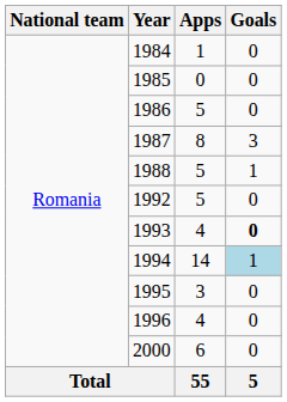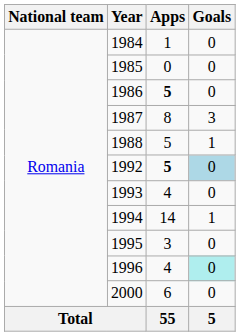 <table class="wikitable" style="text-align:center">
 <tr>
 <th>National team</th>
 <th>Year</th>
 <th>Apps</th>
 <th>Goals</th>
 </tr>
 <tr>
 <td rowspan="11"><a href='#'>Romania</a></td>
 <td>1984</td>
 <td>1</td>
 <td>0</td>
 </tr>
 <tr>
 <td>1985</td>
 <td>0</td>
 <td>0</td>
 </tr>
 <tr>
 <td>1986</td>
-<td>5</td>
+<td><strong>5</strong></td>
 <td>0</td>
 </tr>
 <tr>
 <td>1987</td>
 <td>8</td>
 <td>3</td>
 </tr>
 <tr>
 <td>1988</td>
 <td>5</td>
 <td>1</td>
 </tr>
 <tr>
 <td>1992</td>
-<td>5</td>
-<td>0</td>
+<td><strong>5</strong></td>
+<td style="background: lightblue;">0</td>
 </tr>
 <tr>
 <td>1993</td>
 <td>4</td>
-<td><strong>0</strong></td>
+<td>0</td>
 </tr>
 <tr>
 <td>1994</td>
 <td>14</td>
-<td style="background: lightblue;">1</td>
+<td>1</td>
 </tr>
 <tr>
 <td>1995</td>
 <td>3</td>
 <td>0</td>
 </tr>
 <tr>
 <td>1996</td>
 <td>4</td>
-<td>0</td>
+<td style="background: paleturquoise;">0</td>
 </tr>
 <tr>
 <td>2000</td>
 <td>6</td>
 <td>0</td>
 </tr>
 <tr>
 <th colspan="2">Total</th>
 <th>55</th>
 <th>5</th>
 </tr>
 </table>
